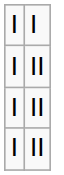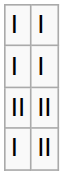 <table class="wikitable">
 <tr>
 <td>I</td>
 <td>I</td>
 </tr>
 <tr>
 <td>I</td>
-<td>II</td>
+<td>I</td>
 </tr>
 <tr>
-<td>I</td>
+<td>II</td>
 <td>II</td>
 </tr>
 <tr>
 <td>I</td>
 <td>II</td>
 </tr>
 </table>
